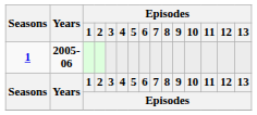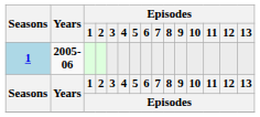 <table class="wikitable" style="text-align:center; margin:auto; width:5%;">
 <tr>
 <th colspan="1" rowspan="2" style="text-align:center;">Seasons</th>
 <th colspan="1" rowspan="2" style="text-align:center;">Years</th>
 <th colspan="24"  style="text-align:center;">Episodes</th>
 </tr>
 <tr>
 <th colspan="1" style="text-align:center;">1</th>
 <th colspan="1" style="text-align:center;">2</th>
 <th colspan="1" style="text-align:center;">3</th>
 <th colspan="1" style="text-align:center;">4</th>
 <th colspan="1" style="text-align:center;">5</th>
 <th colspan="1" style="text-align:center;">6</th>
 <th colspan="1" style="text-align:center;">7</th>
 <th colspan="1" style="text-align:center;">8</th>
 <th colspan="1" style="text-align:center;">9</th>
 <th colspan="1" style="text-align:center;">10</th>
 <th colspan="1" style="text-align:center;">11</th>
 <th colspan="1" style="text-align:center;">12</th>
 <th colspan="1" style="text-align:center;">13</th>
 </tr>
 <tr>
-<td><strong><a href='#'>1</a></strong></td>
+<td style="background: lightblue;"><strong><a href='#'>1</a></strong></td>
 <td><strong>2005-06</strong></td>
 <td ="1" style="background:#dfd; text-align:center;"></td>
 <td colspan="1" style="background:#dfd; text-align:center;"></td>
 <td colspan="1" style="background:#ececec; color:gray; vertical-align:middle; text-align:center;" class="table-na"></td>
 <td colspan="1" style="background:#ececec; color:gray; vertical-align:middle; text-align:center;" class="table-na"></td>
 <td colspan="1" style="background:#ececec; color:gray; vertical-align:middle; text-align:center;" class="table-na"></td>
 <td colspan="1" style="background:#ececec; color:gray; vertical-align:middle; text-align:center;" class="table-na"></td>
 <td colspan="1" style="background:#ececec; color:gray; vertical-align:middle; text-align:center;" class="table-na"></td>
 <td colspan="1" style="background:#ececec; color:gray; vertical-align:middle; text-align:center;" class="table-na"></td>
 <td colspan="1" style="background:#ececec; color:gray; vertical-align:middle; text-align:center;" class="table-na"></td>
 <td colspan="1" style="background:#ececec; color:gray; vertical-align:middle; text-align:center;" class="table-na"></td>
 <td colspan="1" style="background:#ececec; color:gray; vertical-align:middle; text-align:center;" class="table-na"></td>
 <td colspan="1" style="background:#ececec; color:gray; vertical-align:middle; text-align:center;" class="table-na"></td>
 <td colspan="1" style="background:#ececec; color:gray; vertical-align:middle; text-align:center;" class="table-na"></td>
 </tr>
 <tr>
 <th rowspan="2" colspan="1" style="text-align:center;">Seasons</th>
 <th colspan="1" rowspan="2" style="text-align:center;">Years</th>
 <th colspan="1" style="text-align:center;">1</th>
 <th colspan="1" style="text-align:center;">2</th>
 <th colspan="1" style="text-align:center;">3</th>
 <th colspan="1" style="text-align:center;">4</th>
 <th colspan="1" style="text-align:center;">5</th>
 <th colspan="1" style="text-align:center;">6</th>
 <th colspan="1" style="text-align:center;">7</th>
 <th colspan="1" style="text-align:center;">8</th>
 <th colspan="1" style="text-align:center;">9</th>
 <th colspan="1" style="text-align:center;">10</th>
 <th colspan="1" style="text-align:center;">11</th>
 <th colspan="1" style="text-align:center;">12</th>
 <th colspan="1" style="text-align:center;">13</th>
 </tr>
 <tr>
 <th colspan="24"  style="text-align:center;">Episodes</th>
 </tr>
 <tr>
 </tr>
 </table>
